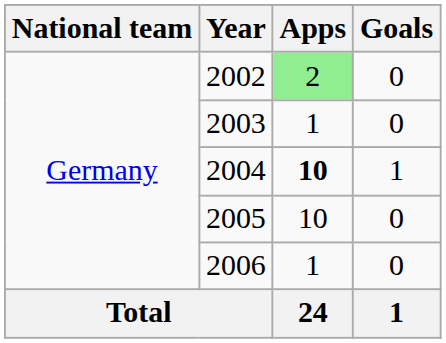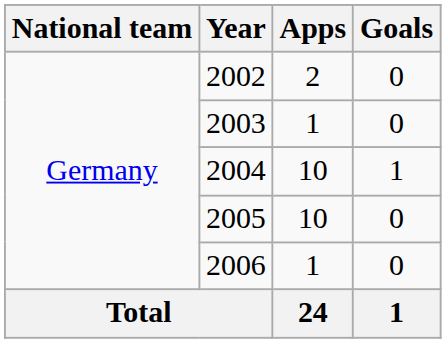 <table class="wikitable" style="text-align:center">
 <tr>
 <th>National team</th>
 <th>Year</th>
 <th>Apps</th>
 <th>Goals</th>
 </tr>
 <tr>
 <td rowspan="5"><a href='#'>Germany</a></td>
 <td>2002</td>
-<td style="background: lightgreen;">2</td>
+<td>2</td>
 <td>0</td>
 </tr>
 <tr>
 <td>2003</td>
 <td>1</td>
 <td>0</td>
 </tr>
 <tr>
 <td>2004</td>
-<td><strong>10</strong></td>
+<td>10</td>
 <td>1</td>
 </tr>
 <tr>
 <td>2005</td>
 <td>10</td>
 <td>0</td>
 </tr>
 <tr>
 <td>2006</td>
 <td>1</td>
 <td>0</td>
 </tr>
 <tr>
 <th colspan="2">Total</th>
 <th>24</th>
 <th>1</th>
 </tr>
 </table>
